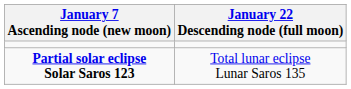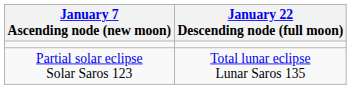 <table class="wikitable">
 <tr>
 <th><a href='#'>January 7</a><br>Ascending node (new moon)<br></th>
 <th><a href='#'>January 22</a><br>Descending node (full moon)<br></th>
 </tr>
 <tr>
 <td></td>
 <td></td>
 </tr>
 <tr align=center>
-<td><strong><a href='#'>Partial solar eclipse</a><br>Solar Saros 123</strong></td>
+<td><a href='#'>Partial solar eclipse</a><br>Solar Saros 123</td>
 <td><a href='#'>Total lunar eclipse</a><br>Lunar Saros 135</td>
 </tr>
 </table>
